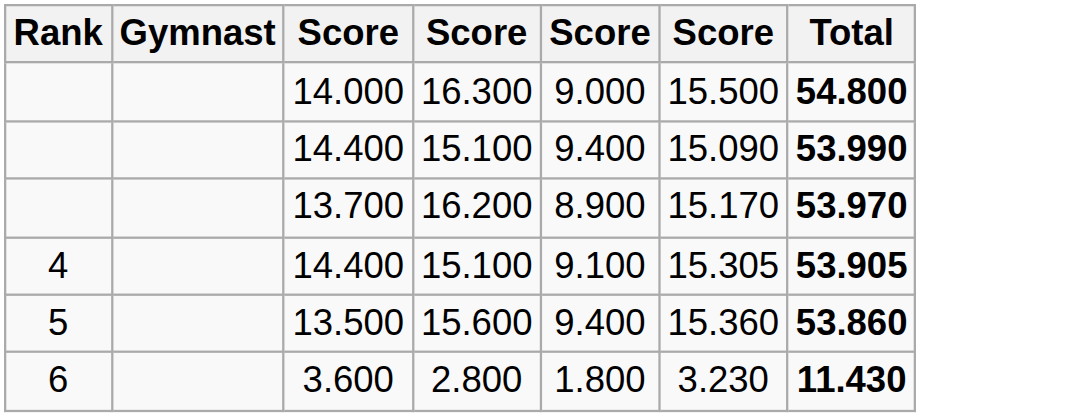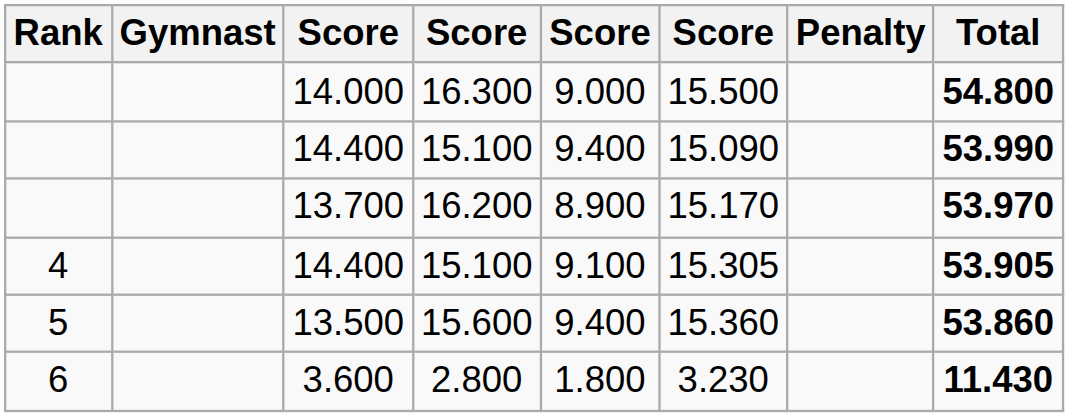 <table class="wikitable sortable" style="text-align:center">
 <tr>
 <th>Rank</th>
 <th>Gymnast</th>
 <th> Score</th>
 <th> Score</th>
 <th> Score</th>
 <th> Score</th>
+<th>Penalty</th>
 <th>Total</th>
 </tr>
 <tr>
 <td></td>
 <td align=left></td>
 <td>14.000</td>
 <td>16.300</td>
 <td>9.000</td>
 <td>15.500</td>
+<td></td>
 <td><strong>54.800</strong></td>
 </tr>
 <tr>
 <td></td>
 <td align=left></td>
 <td>14.400</td>
 <td>15.100</td>
 <td>9.400</td>
 <td>15.090</td>
+<td></td>
 <td><strong>53.990</strong></td>
 </tr>
 <tr>
 <td></td>
 <td align=left></td>
 <td>13.700</td>
 <td>16.200</td>
 <td>8.900</td>
 <td>15.170</td>
+<td></td>
 <td><strong>53.970</strong></td>
 </tr>
 <tr>
 <td>4</td>
 <td align=left></td>
 <td>14.400</td>
 <td>15.100</td>
 <td>9.100</td>
 <td>15.305</td>
+<td></td>
 <td><strong>53.905</strong></td>
 </tr>
 <tr>
 <td>5</td>
 <td align=left></td>
 <td>13.500</td>
 <td>15.600</td>
 <td>9.400</td>
 <td>15.360</td>
+<td></td>
 <td><strong>53.860</strong></td>
 </tr>
 <tr>
 <td>6</td>
 <td align=left></td>
 <td>3.600</td>
 <td>2.800</td>
 <td>1.800</td>
 <td>3.230</td>
+<td></td>
 <td><strong>11.430</strong></td>
 </tr>
 </table>
